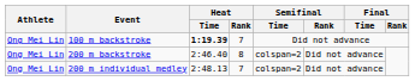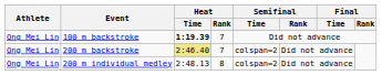 <table class=wikitable style="font-size:90%">
 <tr>
 <th rowspan=2>Athlete</th>
 <th rowspan=2>Event</th>
 <th colspan="2">Heat</th>
 <th colspan="2">Semifinal</th>
 <th colspan="2">Final</th>
 </tr>
 <tr style="font-size:95%">
 <th>Time</th>
 <th>Rank</th>
 <th>Time</th>
 <th>Rank</th>
 <th>Time</th>
 <th>Rank</th>
 </tr>
 <tr align=center>
 <td align=left><a href='#'>Ong Mei Lin</a></td>
 <td align=left><a href='#'>100 m backstroke</a></td>
 <td><strong>1:19.39</strong></td>
 <td>7</td>
 <td colspan=4>Did not advance</td>
 </tr>
 <tr align=center>
 <td align=left><a href='#'>Ong Mei Lin</a></td>
 <td align=left><a href='#'>200 m backstroke</a></td>
-<td>2:46.40</td>
-<td>8</td>
+<td style="background: khaki;">2:46.40</td>
+<td>7</td>
 <td>colspan=2 </td>
 <td colspan=2>Did not advance</td>
 </tr>
 <tr align=center>
 <td align=left><a href='#'>Ong Mei Lin</a></td>
 <td align=left><a href='#'>200 m individual medley</a></td>
 <td>2:48.13</td>
-<td>7</td>
+<td>8</td>
 <td>colspan=2 </td>
 <td colspan=2>Did not advance</td>
 </tr>
 </table>
